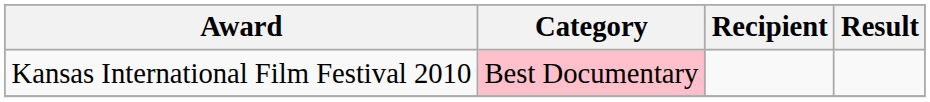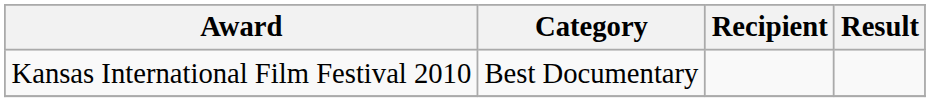 <table class="wikitable">
 <tr>
 <th>Award</th>
 <th>Category</th>
 <th>Recipient</th>
 <th>Result</th>
 </tr>
 <tr>
 <td>Kansas International Film Festival 2010</td>
-<td style="background: pink;">Best Documentary</td>
+<td>Best Documentary</td>
 <td></td>
 <td></td>
 </tr>
 <tr>
 </tr>
 </table>
